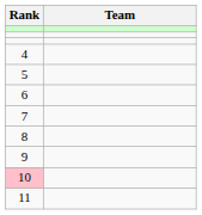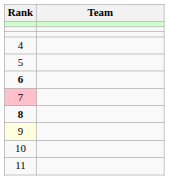 <table class="wikitable" style="text-align:center">
 <tr>
 <th width=40>Rank</th>
 <th width=180>Team</th>
 </tr>
 <tr bgcolor=#ccffcc>
 <td></td>
 <td style="text-align:left"></td>
 </tr>
 <tr>
 <td></td>
 <td style="text-align:left"></td>
 </tr>
 <tr>
 <td></td>
 <td style="text-align:left"></td>
 </tr>
 <tr>
 <td>4</td>
 <td style="text-align:left"></td>
 </tr>
 <tr>
 <td>5</td>
 <td style="text-align:left"></td>
 </tr>
 <tr>
-<td>6</td>
+<td><strong>6</strong></td>
 <td style="text-align:left"></td>
 </tr>
 <tr>
-<td>7</td>
+<td style="background: pink;">7</td>
 <td style="text-align:left"></td>
 </tr>
 <tr>
-<td>8</td>
+<td><strong>8</strong></td>
 <td style="text-align:left"></td>
 </tr>
 <tr>
-<td>9</td>
+<td style="background: lightyellow;">9</td>
 <td style="text-align:left"></td>
 </tr>
 <tr>
-<td style="background: pink;">10</td>
+<td>10</td>
 <td style="text-align:left"></td>
 </tr>
 <tr>
 <td>11</td>
 <td style="text-align:left"></td>
 </tr>
 </table>
